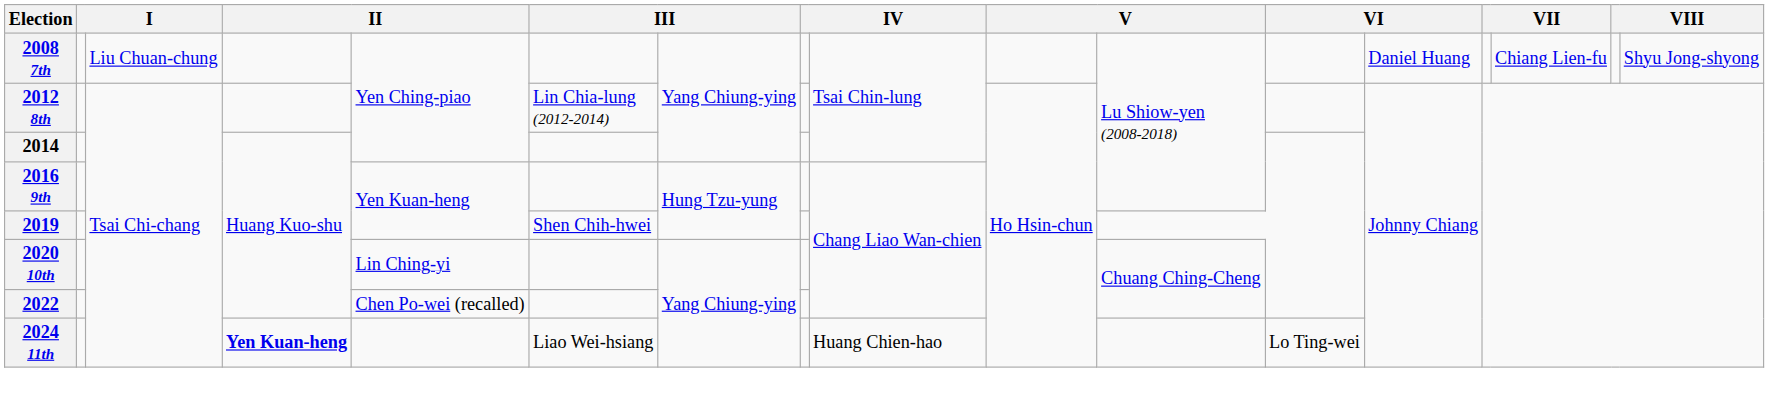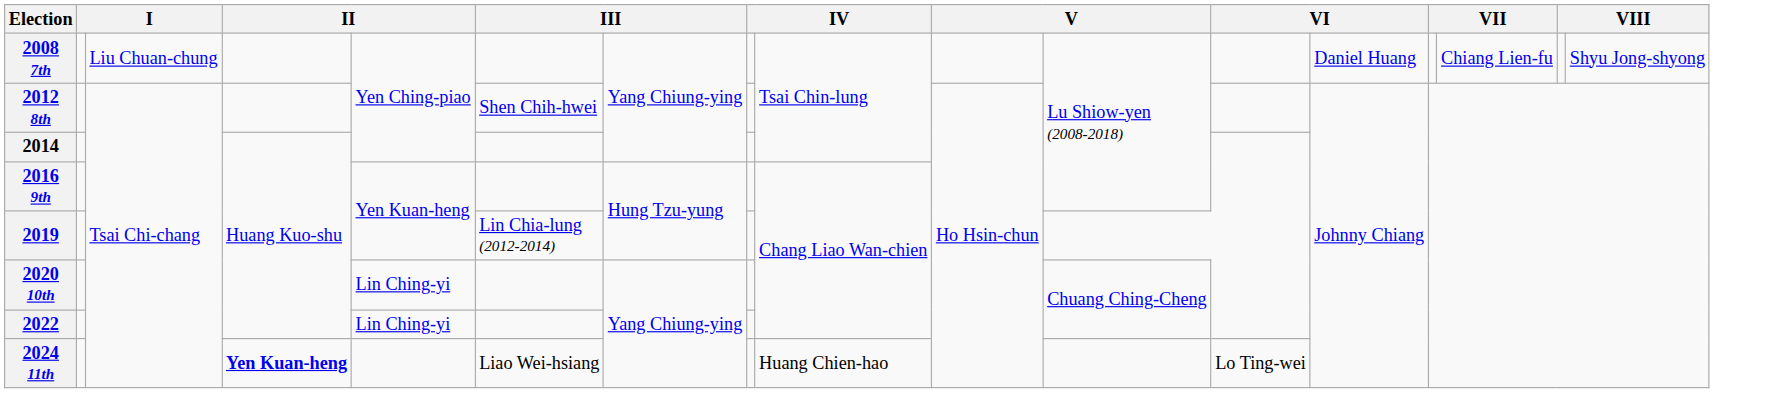 <table class="wikitable">
 <tr>
 <th>Election</th>
 <th colspan="2" width="80px">I</th>
 <th colspan="2" width="80px">II</th>
 <th colspan="2" width="80px">III</th>
 <th colspan="2" width="80px">IV</th>
 <th colspan="2" width="80px">V</th>
 <th colspan="2" width="80px">VI</th>
 <th colspan="2" width="80px">VII</th>
 <th colspan="2" width="80px">VIII</th>
 </tr>
 <tr>
 <th><a href='#'>2008</a><br><small><em><a href='#'>7th</a></em></small><br></th>
 <td></td>
 <td><a href='#'>Liu Chuan-chung</a></td>
 <td></td>
 <td rowspan=3><a href='#'>Yen Ching-piao</a></td>
 <td></td>
 <td rowspan=3><a href='#'>Yang Chiung-ying</a></td>
 <td></td>
 <td rowspan=3><a href='#'>Tsai Chin-lung</a></td>
 <td></td>
 <td rowspan=4><a href='#'>Lu Shiow-yen</a><br><small><em>(2008-2018)</em></small><br></td>
 <td></td>
 <td><a href='#'>Daniel Huang</a></td>
 <td></td>
 <td><a href='#'>Chiang Lien-fu</a></td>
 <td></td>
 <td><a href='#'>Shyu Jong-shyong</a></td>
 </tr>
 <tr>
 <th><a href='#'>2012</a><br><small><em><a href='#'>8th</a></em></small><br></th>
 <td></td>
 <td rowspan=7><a href='#'>Tsai Chi-chang</a></td>
 <td></td>
-<td><a href='#'>Lin Chia-lung</a><br><small><em>(2012-2014)</em></small><br></td>
+<td><a href='#'>Shen Chih-hwei</a></td>
 <td></td>
 <td rowspan=7><a href='#'>Ho Hsin-chun</a></td>
 <td></td>
 <td rowspan=7><a href='#'>Johnny Chiang</a></td>
 </tr>
 <tr>
 <th>2014</th>
 <td></td>
 <td rowspan=5><a href='#'>Huang Kuo-shu</a></td>
 </tr>
 <tr>
 <th><a href='#'>2016</a><br><small><em><a href='#'>9th</a></em></small><br></th>
 <td></td>
 <td rowspan=2><a href='#'>Yen Kuan-heng</a></td>
 <td></td>
 <td rowspan=2><a href='#'>Hung Tzu-yung</a></td>
 <td></td>
 <td rowspan=4><a href='#'>Chang Liao Wan-chien</a></td>
 </tr>
 <tr>
 <th><a href='#'>2019</a></th>
 <td></td>
-<td><a href='#'>Shen Chih-hwei</a></td>
+<td><a href='#'>Lin Chia-lung</a><br><small><em>(2012-2014)</em></small><br></td>
 </tr>
 <tr>
 <th><a href='#'>2020</a><br><small><em><a href='#'>10th</a></em></small><br></th>
 <td></td>
 <td><a href='#'>Lin Ching-yi</a></td>
 <td></td>
 <td rowspan=3><a href='#'>Yang Chiung-ying</a></td>
 <td></td>
 <td rowspan=2><a href='#'>Chuang Ching-Cheng</a></td>
 </tr>
 <tr>
 <th><a href='#'>2022</a></th>
 <td></td>
-<td><a href='#'>Chen Po-wei</a> (recalled)</td>
+<td><a href='#'>Lin Ching-yi</a></td>
 <td></td>
 </tr>
 <tr>
 <th><a href='#'>2024</a><br><small><em><a href='#'>11th</a></em></small><br></th>
 <td></td>
 <td><strong><a href='#'>Yen Kuan-heng</a></strong></td>
 <td></td>
 <td>Liao Wei-hsiang</td>
 <td></td>
 <td>Huang Chien-hao</td>
 <td></td>
 <td>Lo Ting-wei</td>
 </tr>
 </table>
